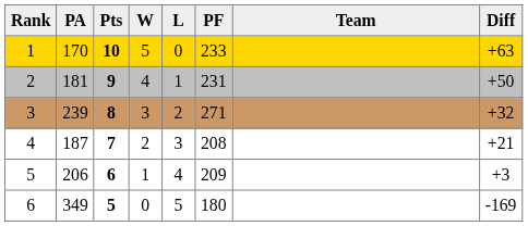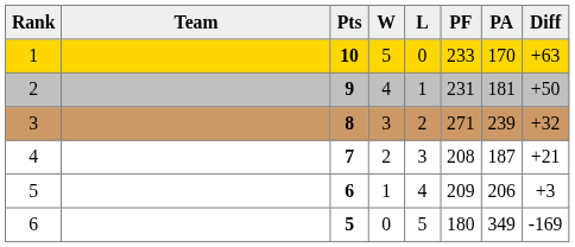 <table style=border-collapse:collapse border=1 cellspacing=0 cellpadding=5>
 <tr align=center bgcolor=#efefef>
 <th width=20>Rank</th>
-<th width=20>PA</th>
+<th width=220>Team</th>
 <th width=20>Pts</th>
 <th width=20>W</th>
 <th width=20>L</th>
 <th width=20>PF</th>
-<th width=220>Team</th>
+<th width=20>PA</th>
 <th width=20>Diff</th>
 </tr>
 <tr align=center bgcolor=gold>
 <td>1</td>
-<td>170</td>
+<td align=left></td>
 <td><strong>10</strong></td>
 <td>5</td>
 <td>0</td>
 <td>233</td>
-<td align=left></td>
+<td>170</td>
 <td>+63</td>
 </tr>
 <tr align=center bgcolor=silver>
 <td>2</td>
-<td>181</td>
+<td align=left></td>
 <td><strong>9</strong></td>
 <td>4</td>
 <td>1</td>
 <td>231</td>
-<td align=left></td>
+<td>181</td>
 <td>+50</td>
 </tr>
 <tr align=center bgcolor=cc9966>
 <td>3</td>
-<td>239</td>
+<td align=left></td>
 <td><strong>8</strong></td>
 <td>3</td>
 <td>2</td>
 <td>271</td>
-<td align=left></td>
+<td>239</td>
 <td>+32</td>
 </tr>
 <tr align=center>
 <td>4</td>
-<td>187</td>
+<td align=left></td>
 <td><strong>7</strong></td>
 <td>2</td>
 <td>3</td>
 <td>208</td>
-<td align=left></td>
+<td>187</td>
 <td>+21</td>
 </tr>
 <tr align=center>
 <td>5</td>
-<td>206</td>
+<td align=left></td>
 <td><strong>6</strong></td>
 <td>1</td>
 <td>4</td>
 <td>209</td>
-<td align=left></td>
+<td>206</td>
 <td>+3</td>
 </tr>
 <tr align=center>
 <td>6</td>
-<td>349</td>
+<td align=left></td>
 <td><strong>5</strong></td>
 <td>0</td>
 <td>5</td>
 <td>180</td>
-<td align=left></td>
+<td>349</td>
 <td>-169</td>
 </tr>
 </table>
